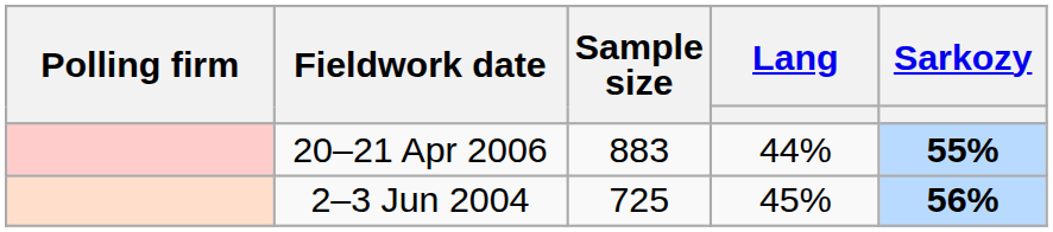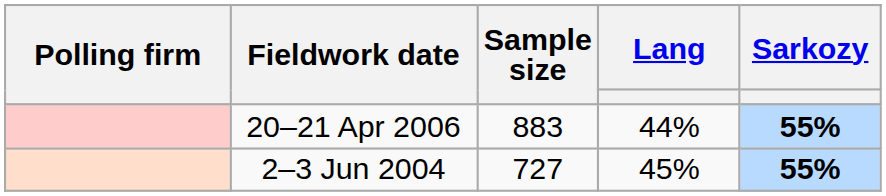 <table class="wikitable sortable" style="text-align:center;font-size:90%;line-height:14px;">
 <tr style="height:40px;">
 <th style="width:100px;" rowspan="2">Polling firm</th>
 <th style="width:110px;" rowspan="2">Fieldwork date</th>
 <th style="width:35px;" rowspan="2">Sample<br>size</th>
 <th class="unsortable" style="width:60px;"><a href='#'>Lang</a><br></th>
 <th class="unsortable" style="width:60px;"><a href='#'>Sarkozy</a><br></th>
 </tr>
 <tr>
 <th style="background:"></th>
 <th style="background:"></th>
 </tr>
 <tr>
 <td style="background:#FFCCCC;"></td>
 <td data-sort-value="2006-04-21">20–21 Apr 2006</td>
 <td>883</td>
 <td>44%</td>
 <td style="background:#B9DAFF;"><strong>55%</strong></td>
 </tr>
 <tr>
 <td style="background:#FFDFCC;"></td>
 <td data-sort-value="2004-06-03">2–3 Jun 2004</td>
-<td>725</td>
+<td>727</td>
 <td>45%</td>
-<td style="background:#B9DAFF;"><strong>56%</strong></td>
+<td style="background:#B9DAFF;"><strong>55%</strong></td>
 </tr>
 </table>
